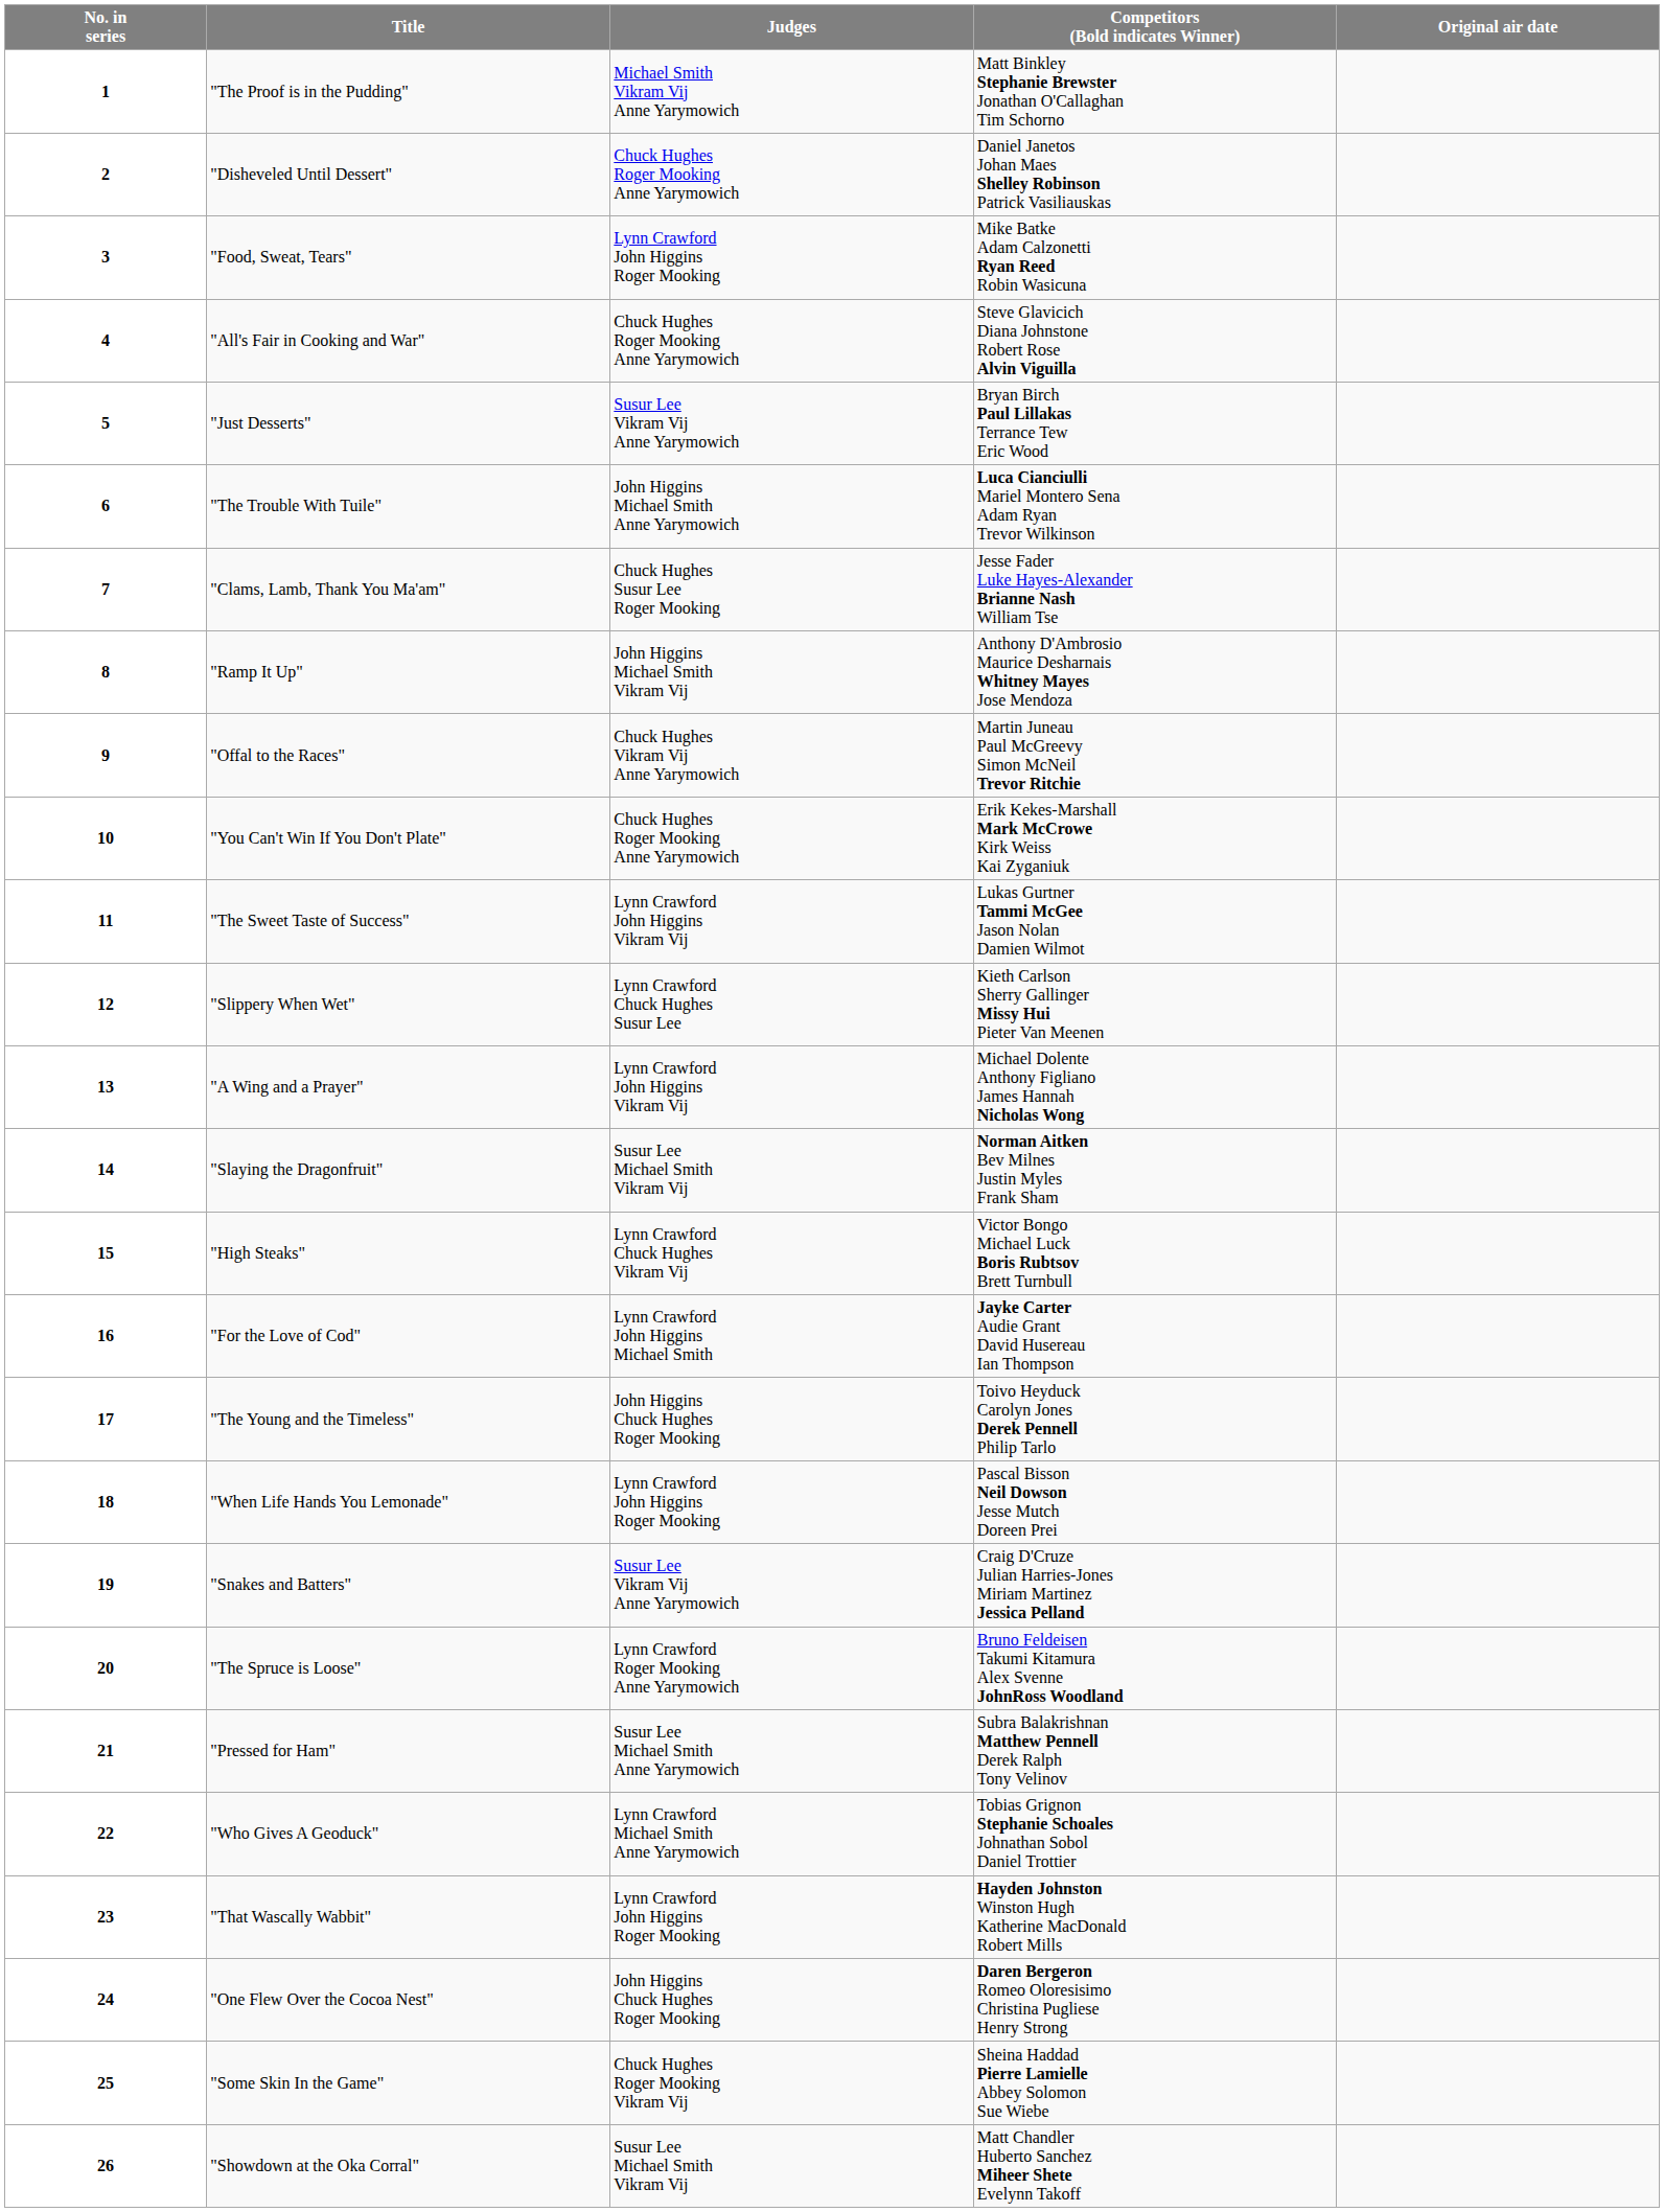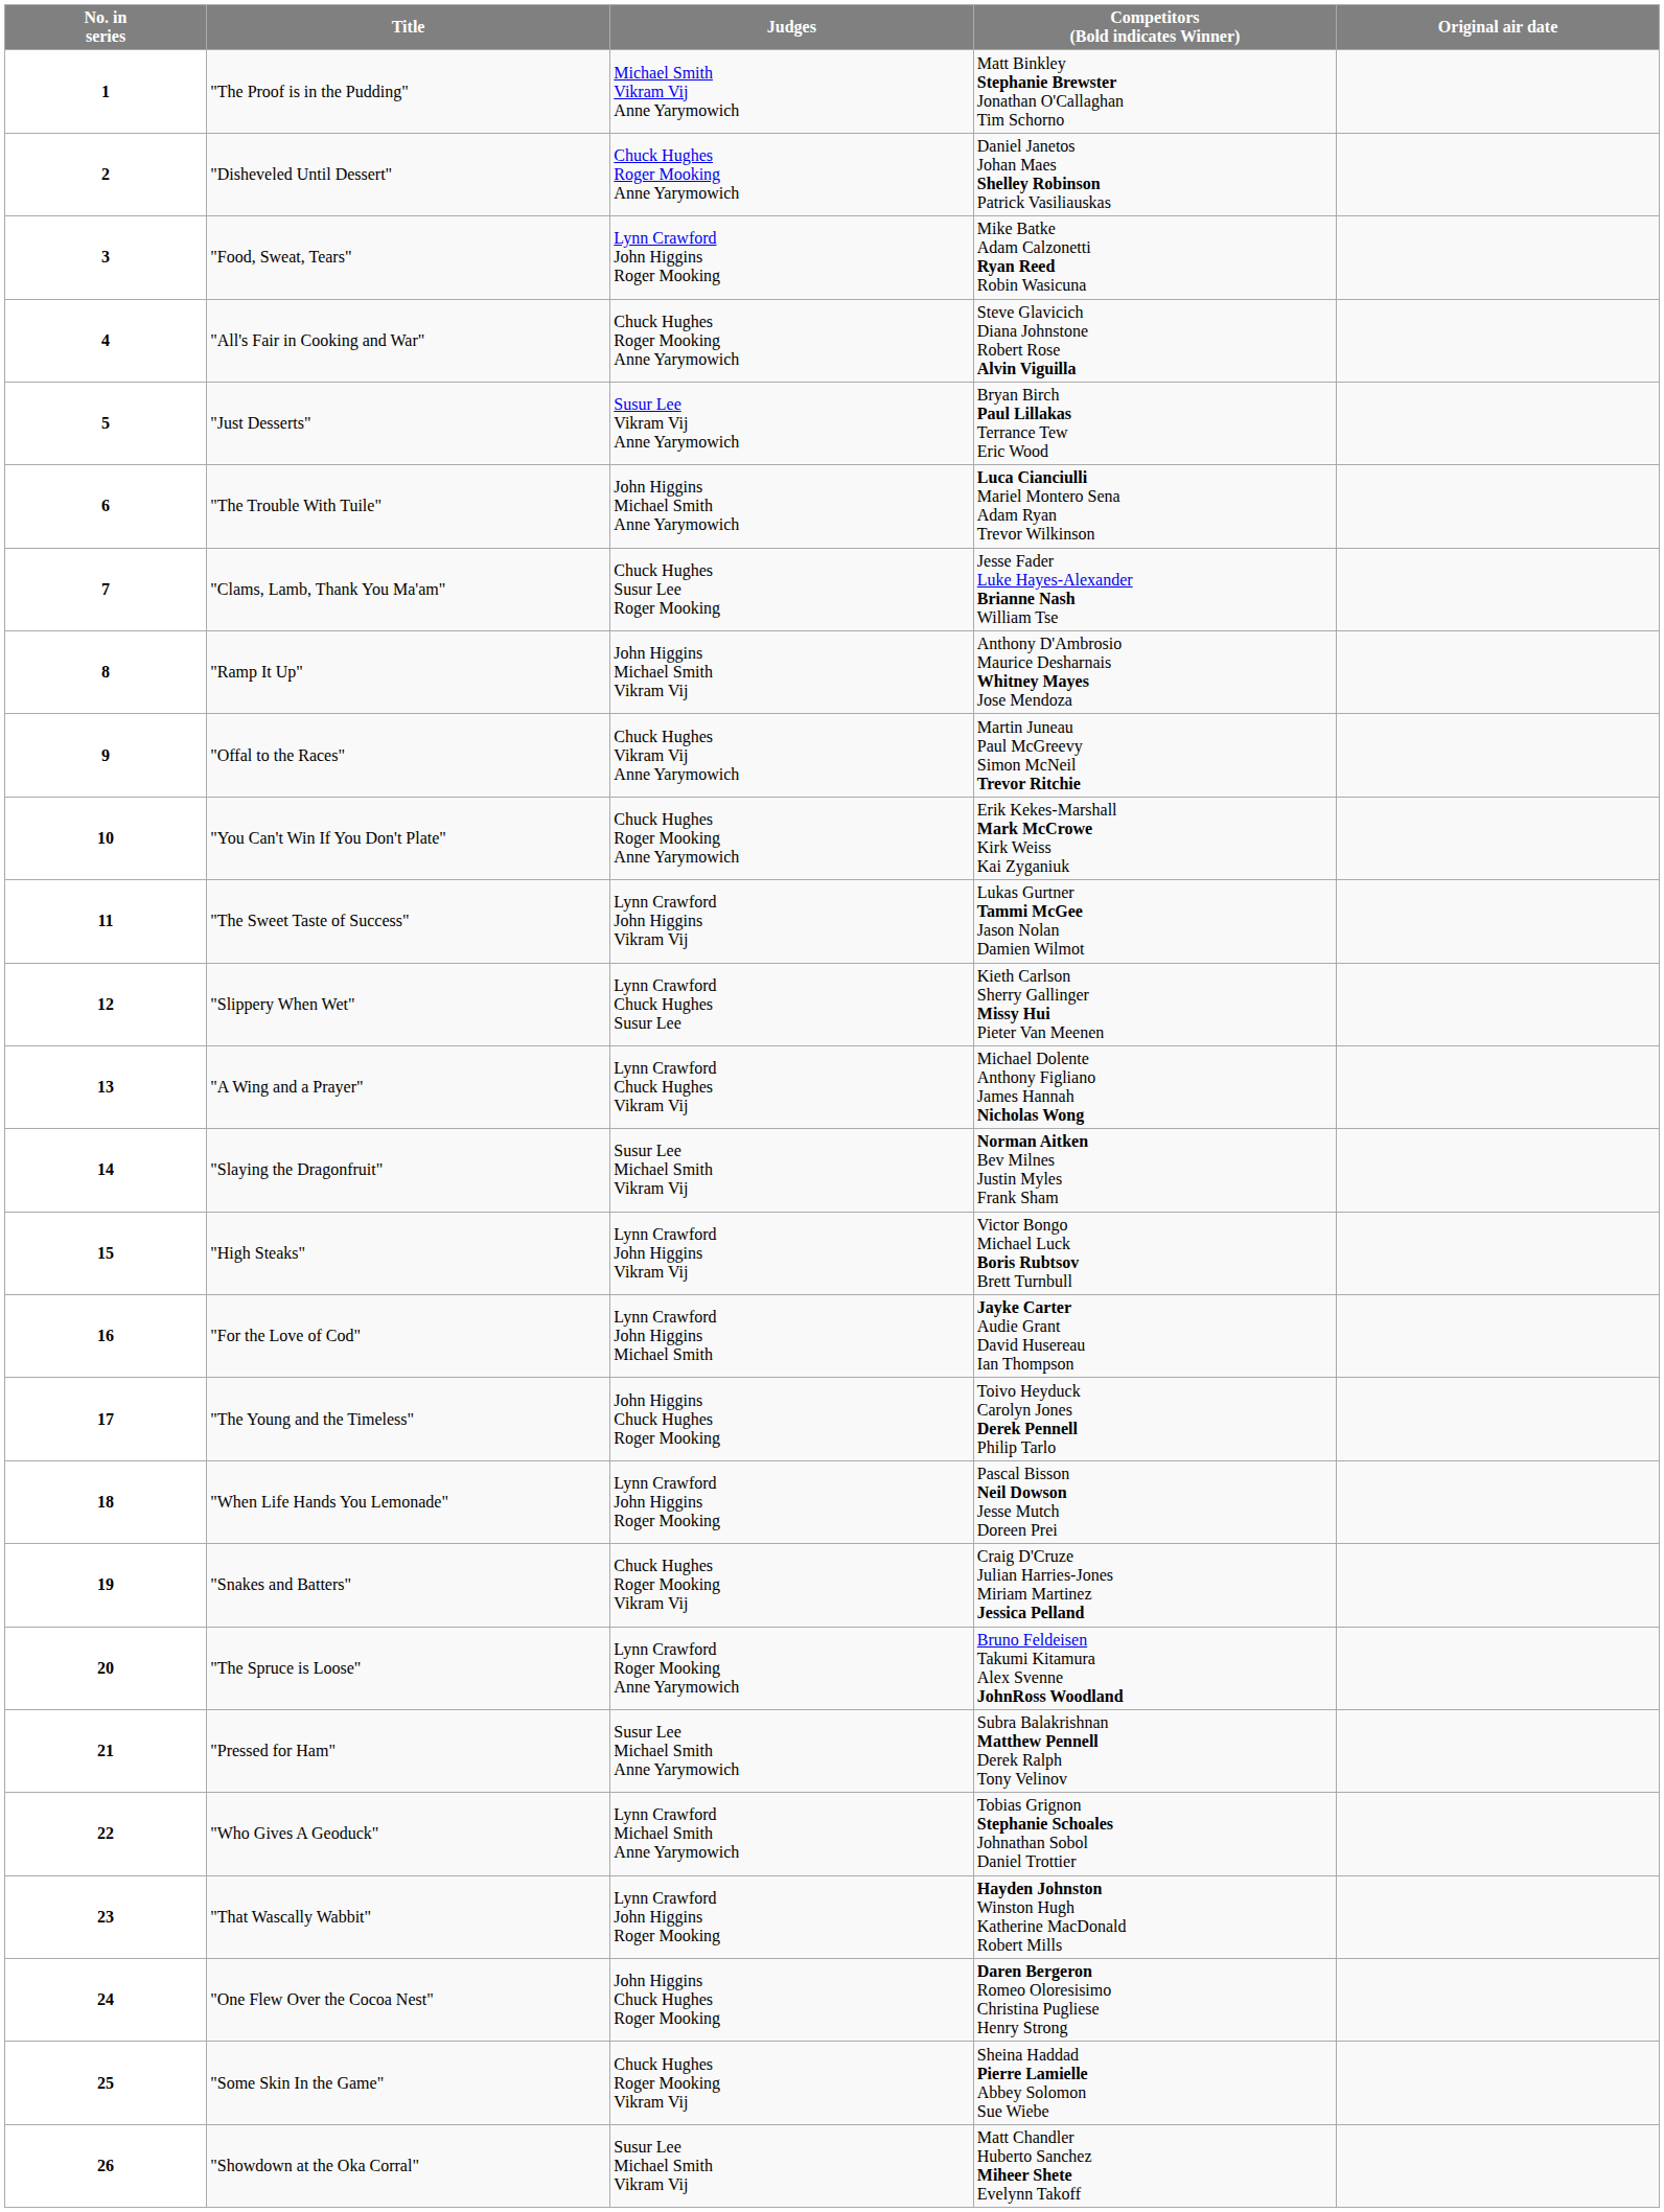 <table class="wikitable" style="width:100%;margin:auto;">
 <tr>
 <th scope="col" style="background-color:#808080;color:white;width:10%;">No. in<br>series</th>
 <th scope="col" style="background-color:#808080;color:white;width:20%;">Title<br></th>
 <th scope="col" style="background-color:#808080;color:white;width:18%;">Judges<br></th>
 <th scope="col" style="background-color:#808080;color:white;width:18%;">Competitors<br><span>(<strong>Bold</strong> indicates Winner)</span></th>
 <th scope="col" style="background-color:#808080;color:white;width:16%;">Original air date<br></th>
 </tr>
 <tr>
 <th scope="row" style="background-color:white">1</th>
 <td>"The Proof is in the Pudding"</td>
 <td><a href='#'>Michael Smith</a><br><a href='#'>Vikram Vij</a><br>Anne Yarymowich</td>
 <td>Matt Binkley<br><strong>Stephanie Brewster</strong><br>Jonathan O'Callaghan<br>Tim Schorno</td>
 <td></td>
 </tr>
 <tr>
 <th scope="row" style="background-color:white">2</th>
 <td>"Disheveled Until Dessert"</td>
 <td><a href='#'>Chuck Hughes</a><br><a href='#'>Roger Mooking</a><br>Anne Yarymowich</td>
 <td>Daniel Janetos<br>Johan Maes<br><strong>Shelley Robinson</strong><br>Patrick Vasiliauskas</td>
 <td></td>
 </tr>
 <tr>
 <th scope="row" style="background-color:white">3</th>
 <td>"Food, Sweat, Tears"</td>
 <td><a href='#'>Lynn Crawford</a><br>John Higgins<br>Roger Mooking</td>
 <td>Mike Batke<br>Adam Calzonetti<br><strong>Ryan Reed</strong><br>Robin Wasicuna</td>
 <td></td>
 </tr>
 <tr>
 <th scope="row" style="background-color:white">4</th>
 <td>"All's Fair in Cooking and War"</td>
 <td>Chuck Hughes<br>Roger Mooking<br>Anne Yarymowich</td>
 <td>Steve Glavicich<br>Diana Johnstone<br>Robert Rose<br><strong>Alvin Viguilla</strong></td>
 <td></td>
 </tr>
 <tr>
 <th scope="row" style="background-color:white">5</th>
 <td>"Just Desserts"</td>
 <td><a href='#'>Susur Lee</a><br>Vikram Vij<br>Anne Yarymowich</td>
 <td>Bryan Birch<br><strong>Paul Lillakas</strong><br>Terrance Tew<br>Eric Wood</td>
 <td></td>
 </tr>
 <tr>
 <th scope="row" style="background-color:white">6</th>
 <td>"The Trouble With Tuile"</td>
 <td>John Higgins<br>Michael Smith<br>Anne Yarymowich</td>
 <td><strong>Luca Cianciulli</strong><br>Mariel Montero Sena<br>Adam Ryan<br>Trevor Wilkinson</td>
 <td></td>
 </tr>
 <tr>
 <th scope="row" style="background-color:white">7</th>
 <td>"Clams, Lamb, Thank You Ma'am"</td>
 <td>Chuck Hughes<br>Susur Lee<br>Roger Mooking</td>
 <td>Jesse Fader<br><a href='#'>Luke Hayes-Alexander</a><br><strong>Brianne Nash</strong><br>William Tse</td>
 <td></td>
 </tr>
 <tr>
 <th scope="row" style="background-color:white">8</th>
 <td>"Ramp It Up"</td>
 <td>John Higgins<br>Michael Smith<br>Vikram Vij</td>
 <td>Anthony D'Ambrosio<br>Maurice Desharnais<br><strong>Whitney Mayes</strong><br>Jose Mendoza</td>
 <td></td>
 </tr>
 <tr>
 <th scope="row" style="background-color:white">9</th>
 <td>"Offal to the Races"</td>
 <td>Chuck Hughes<br>Vikram Vij<br>Anne Yarymowich</td>
 <td>Martin Juneau<br>Paul McGreevy<br>Simon McNeil<br><strong>Trevor Ritchie</strong></td>
 <td></td>
 </tr>
 <tr>
 <th scope="row" style="background-color:white">10</th>
 <td>"You Can't Win If You Don't Plate"</td>
 <td>Chuck Hughes<br>Roger Mooking<br>Anne Yarymowich</td>
 <td>Erik Kekes-Marshall<br><strong>Mark McCrowe</strong><br>Kirk Weiss<br>Kai Zyganiuk</td>
 <td></td>
 </tr>
 <tr>
 <th scope="row" style="background-color:white">11</th>
 <td>"The Sweet Taste of Success"</td>
 <td>Lynn Crawford<br>John Higgins<br>Vikram Vij</td>
 <td>Lukas Gurtner<br><strong>Tammi McGee</strong><br>Jason Nolan<br>Damien Wilmot</td>
 <td></td>
 </tr>
 <tr>
 <th scope="row" style="background-color:white">12</th>
 <td>"Slippery When Wet"</td>
 <td>Lynn Crawford<br>Chuck Hughes<br>Susur Lee</td>
 <td>Kieth Carlson<br>Sherry Gallinger<br><strong>Missy Hui</strong><br>Pieter Van Meenen</td>
 <td></td>
 </tr>
 <tr>
 <th scope="row" style="background-color:white">13</th>
 <td>"A Wing and a Prayer"</td>
-<td>Lynn Crawford<br>John Higgins<br>Vikram Vij</td>
+<td>Lynn Crawford<br>Chuck Hughes<br>Vikram Vij</td>
 <td>Michael Dolente<br>Anthony Figliano<br>James Hannah<br><strong>Nicholas Wong</strong></td>
 <td></td>
 </tr>
 <tr>
 <th scope="row" style="background-color:white">14</th>
 <td>"Slaying the Dragonfruit"</td>
 <td>Susur Lee<br>Michael Smith<br>Vikram Vij</td>
 <td><strong>Norman Aitken</strong><br>Bev Milnes<br>Justin Myles<br>Frank Sham</td>
 <td></td>
 </tr>
 <tr>
 <th scope="row" style="background-color:white">15</th>
 <td>"High Steaks"</td>
-<td>Lynn Crawford<br>Chuck Hughes<br>Vikram Vij</td>
+<td>Lynn Crawford<br>John Higgins<br>Vikram Vij</td>
 <td>Victor Bongo<br>Michael Luck<br><strong>Boris Rubtsov</strong><br>Brett Turnbull</td>
 <td></td>
 </tr>
 <tr>
 <th scope="row" style="background-color:white">16</th>
 <td>"For the Love of Cod"</td>
 <td>Lynn Crawford<br>John Higgins<br>Michael Smith</td>
 <td><strong>Jayke Carter</strong><br>Audie Grant<br>David Husereau<br>Ian Thompson</td>
 <td></td>
 </tr>
 <tr>
 <th scope="row" style="background-color:white">17</th>
 <td>"The Young and the Timeless"</td>
 <td>John Higgins<br>Chuck Hughes<br>Roger Mooking</td>
 <td>Toivo Heyduck<br>Carolyn Jones<br><strong>Derek Pennell</strong><br>Philip Tarlo</td>
 <td></td>
 </tr>
 <tr>
 <th scope="row" style="background-color:white">18</th>
 <td>"When Life Hands You Lemonade"</td>
 <td>Lynn Crawford<br>John Higgins<br>Roger Mooking</td>
 <td>Pascal Bisson<br><strong>Neil Dowson</strong><br>Jesse Mutch<br>Doreen Prei</td>
 <td></td>
 </tr>
 <tr>
 <th scope="row" style="background-color:white">19</th>
 <td>"Snakes and Batters"</td>
-<td><a href='#'>Susur Lee</a><br>Vikram Vij<br>Anne Yarymowich</td>
+<td>Chuck Hughes<br>Roger Mooking<br>Vikram Vij</td>
 <td>Craig D'Cruze<br>Julian Harries-Jones<br>Miriam Martinez<br><strong>Jessica Pelland</strong></td>
 <td></td>
 </tr>
 <tr>
 <th scope="row" style="background-color:white">20</th>
 <td>"The Spruce is Loose"</td>
 <td>Lynn Crawford<br>Roger Mooking<br>Anne Yarymowich</td>
 <td><a href='#'>Bruno Feldeisen</a><br>Takumi Kitamura<br>Alex Svenne<br><strong>JohnRoss Woodland</strong></td>
 <td></td>
 </tr>
 <tr>
 <th scope="row" style="background-color:white">21</th>
 <td>"Pressed for Ham"</td>
 <td>Susur Lee<br>Michael Smith<br>Anne Yarymowich</td>
 <td>Subra Balakrishnan<br><strong>Matthew Pennell</strong><br>Derek Ralph<br>Tony Velinov</td>
 <td></td>
 </tr>
 <tr>
 <th scope="row" style="background-color:white">22</th>
 <td>"Who Gives A Geoduck"</td>
 <td>Lynn Crawford<br>Michael Smith<br>Anne Yarymowich</td>
 <td>Tobias Grignon<br><strong>Stephanie Schoales</strong><br>Johnathan Sobol<br>Daniel Trottier</td>
 <td></td>
 </tr>
 <tr>
 <th scope="row" style="background-color:white">23</th>
 <td>"That Wascally Wabbit"</td>
 <td>Lynn Crawford<br>John Higgins<br>Roger Mooking</td>
 <td><strong>Hayden Johnston</strong><br>Winston Hugh<br>Katherine MacDonald<br>Robert Mills</td>
 <td></td>
 </tr>
 <tr>
 <th scope="row" style="background-color:white">24</th>
 <td>"One Flew Over the Cocoa Nest"</td>
 <td>John Higgins<br>Chuck Hughes<br>Roger Mooking</td>
 <td><strong>Daren Bergeron</strong><br>Romeo Oloresisimo<br>Christina Pugliese<br>Henry Strong</td>
 <td></td>
 </tr>
 <tr>
 <th scope="row" style="background-color:white">25</th>
 <td>"Some Skin In the Game"</td>
 <td>Chuck Hughes<br>Roger Mooking<br>Vikram Vij</td>
 <td>Sheina Haddad<br><strong>Pierre Lamielle</strong><br>Abbey Solomon<br>Sue Wiebe</td>
 <td></td>
 </tr>
 <tr>
 <th scope="row" style="background-color:white">26</th>
 <td>"Showdown at the Oka Corral"</td>
 <td>Susur Lee<br>Michael Smith<br>Vikram Vij</td>
 <td>Matt Chandler<br>Huberto Sanchez<br><strong>Miheer Shete</strong><br>Evelynn Takoff</td>
 <td></td>
 </tr>
 </table>
